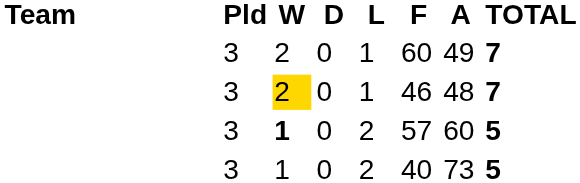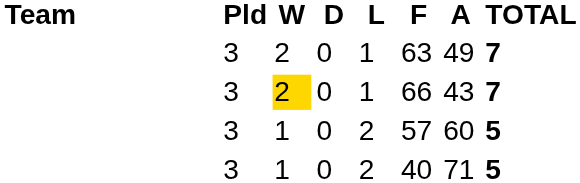 <table>
 <tr>
 <td><br></td>
 </tr>
 <tr border=1 cellpadding=5 cellspacing=0>
 <th width="200">Team</th>
 <th width="20">Pld</th>
 <th width="20">W</th>
 <th width="20">D</th>
 <th width="20">L</th>
 <th width="20">F</th>
 <th width="20">A</th>
 <th width="20">TOTAL</th>
 </tr>
 <tr>
 <td align=left></td>
 <td>3</td>
 <td>2</td>
 <td>0</td>
 <td>1</td>
-<td>60</td>
+<td>63</td>
 <td>49</td>
 <td><strong>7</strong></td>
 </tr>
 <tr>
 <td align=left></td>
 <td>3</td>
 <td style="background: gold;">2</td>
 <td>0</td>
 <td>1</td>
-<td>46</td>
-<td>48</td>
+<td>66</td>
+<td>43</td>
 <td><strong>7</strong></td>
 </tr>
 <tr>
 <td align=left></td>
 <td>3</td>
-<td><strong>1</strong></td>
+<td>1</td>
 <td>0</td>
 <td>2</td>
 <td>57</td>
 <td>60</td>
 <td><strong>5</strong></td>
 </tr>
 <tr>
 <td align=left></td>
 <td>3</td>
 <td>1</td>
 <td>0</td>
 <td>2</td>
 <td>40</td>
-<td>73</td>
+<td>71</td>
 <td><strong>5</strong></td>
 </tr>
 </table>
